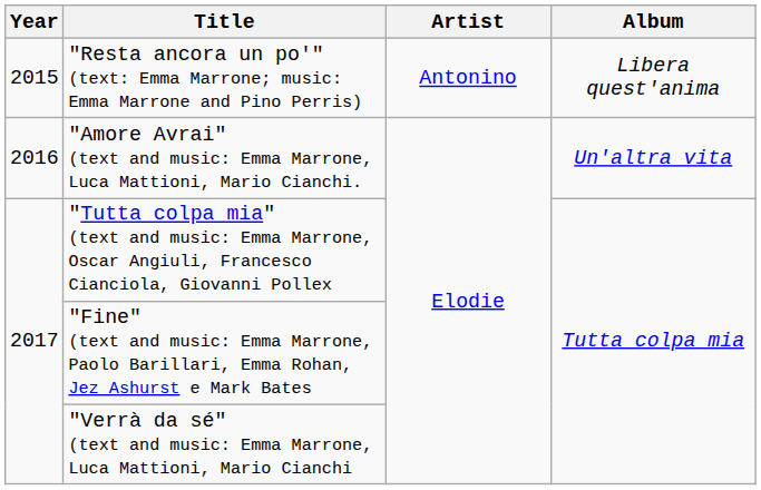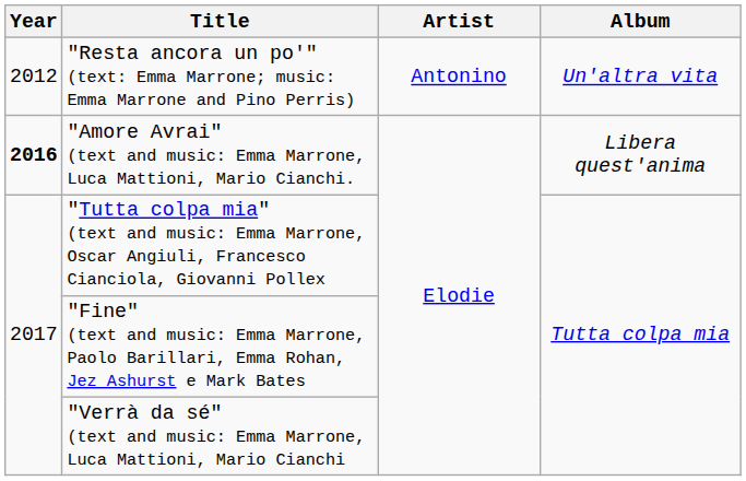 <table class="wikitable">
 <tr>
 <th width="25">Year</th>
 <th style="width:200px;">Title</th>
 <th style="width:100px;">Artist</th>
 <th style="width:125px;">Album</th>
 </tr>
 <tr>
-<td>2015</td>
+<td>2012</td>
 <td>"Resta ancora un po'"<br><small>(text: Emma Marrone; music: Emma Marrone and Pino Perris)</small></td>
 <td style="text-align:center;"><a href='#'>Antonino</a></td>
-<td style="text-align:center;"><em>Libera quest'anima</em></td>
+<td style="text-align:center;"><a href='#'><em>Un'altra vita</em></a></td>
 </tr>
 <tr>
-<td>2016</td>
+<td><strong>2016</strong></td>
 <td>"Amore Avrai"<br><small>(text and music: Emma Marrone, Luca Mattioni, Mario Cianchi.</small></td>
 <td rowspan=4 style="text-align:center;"><a href='#'>Elodie</a></td>
-<td style="text-align:center;"><a href='#'><em>Un'altra vita</em></a></td>
+<td style="text-align:center;"><em>Libera quest'anima</em></td>
 </tr>
 <tr>
 <td rowspan=3>2017</td>
 <td>"<a href='#'>Tutta colpa mia</a>"<br><small>(text and music: Emma Marrone, Oscar Angiuli, Francesco Cianciola, Giovanni Pollex</small></td>
 <td rowspan=3 style="text-align:center;"><em><a href='#'>Tutta colpa mia</a></em></td>
 </tr>
 <tr>
 <td>"Fine"<br><small>(text and music: Emma Marrone, Paolo Barillari, Emma Rohan, <a href='#'>Jez Ashurst</a> e Mark Bates</small></td>
 </tr>
 <tr>
 <td>"Verrà da sé"<br><small>(text and music: Emma Marrone, Luca Mattioni, Mario Cianchi</small></td>
 </tr>
 </table>
